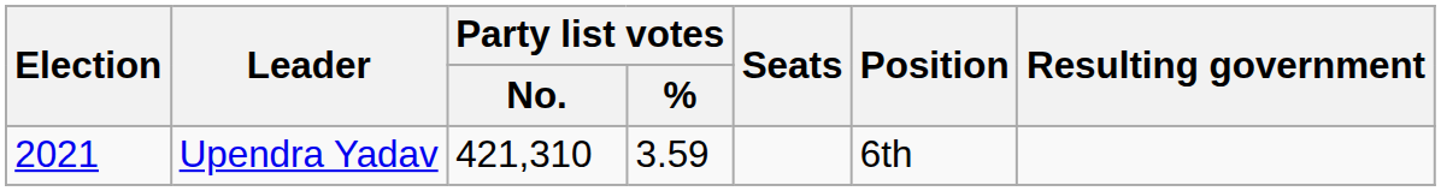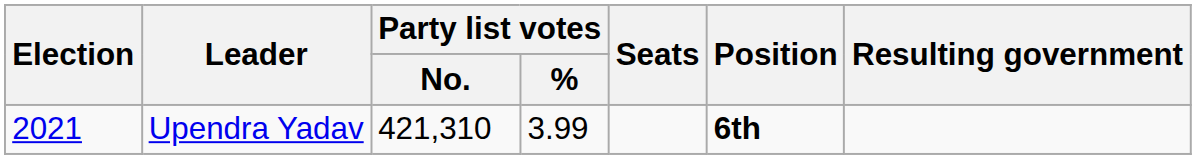 <table class="wikitable">
 <tr>
 <th rowspan="2" style="background-color:">Election</th>
 <th rowspan="2" style="background-color:">Leader</th>
 <th colspan="2" style="background-color:">Party list votes</th>
 <th rowspan="2" style="background-color:">Seats</th>
 <th rowspan="2" style="background-color:">Position</th>
 <th rowspan="2" style="background-color:">Resulting government</th>
 </tr>
 <tr>
 <th style="background-color:">No.</th>
 <th style="background-color:">%</th>
 </tr>
 <tr>
 <td><a href='#'>2021</a></td>
 <td><a href='#'>Upendra Yadav</a></td>
 <td>421,310</td>
-<td>3.59</td>
+<td>3.99</td>
 <td></td>
-<td>6th</td>
+<td><strong>6th</strong></td>
 <td></td>
 </tr>
 </table>
